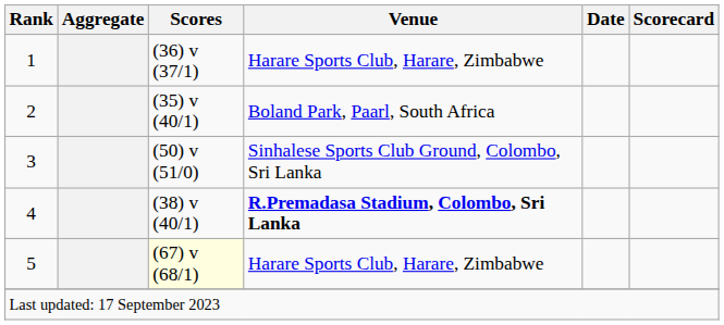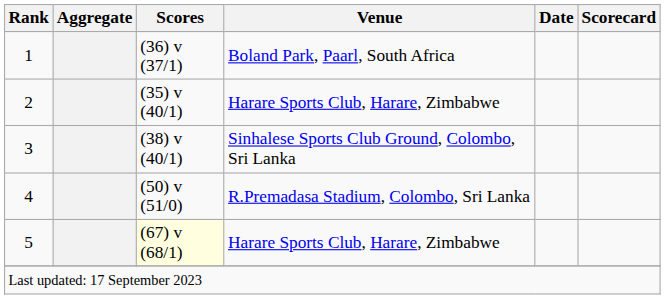 <table class="wikitable plainrowheaders sortable">
 <tr>
 <th scope=col>Rank</th>
 <th scope=col>Aggregate</th>
 <th scope=col>Scores</th>
 <th scope=col>Venue</th>
 <th scope=col>Date</th>
 <th scope=col>Scorecard</th>
 </tr>
 <tr>
 <td align=center>1</td>
 <th scope=row style=text-align:center;></th>
 <td> (36) v  (37/1)</td>
-<td><a href='#'>Harare Sports Club</a>, <a href='#'>Harare</a>, Zimbabwe</td>
+<td><a href='#'>Boland Park</a>, <a href='#'>Paarl</a>, South Africa</td>
 <td> </td>
 <td></td>
 </tr>
 <tr>
 <td align=center>2</td>
 <th scope=row style=text-align:center;></th>
 <td> (35) v  (40/1)</td>
-<td><a href='#'>Boland Park</a>, <a href='#'>Paarl</a>, South Africa</td>
+<td><a href='#'>Harare Sports Club</a>, <a href='#'>Harare</a>, Zimbabwe</td>
 <td></td>
 <td></td>
 </tr>
 <tr>
 <td align=center>3</td>
 <th scope=row style=text-align:center;></th>
-<td> (50) v  (51/0)</td>
+<td> (38) v  (40/1)</td>
 <td><a href='#'>Sinhalese Sports Club Ground</a>, <a href='#'>Colombo</a>, Sri Lanka</td>
 <td></td>
 <td></td>
 </tr>
 <tr>
 <td align=center>4</td>
 <th scope=row style=text-align:center;></th>
-<td> (38) v  (40/1)</td>
-<td><strong><a href='#'>R.Premadasa Stadium</a>, <a href='#'>Colombo</a>, Sri Lanka</strong></td>
+<td> (50) v  (51/0)</td>
+<td><a href='#'>R.Premadasa Stadium</a>, <a href='#'>Colombo</a>, Sri Lanka</td>
 <td></td>
 <td></td>
 </tr>
 <tr>
 <td align=center>5</td>
 <th scope=row style=text-align:center;></th>
 <td style="background: lightyellow;"> (67) v  (68/1)</td>
 <td><a href='#'>Harare Sports Club</a>, <a href='#'>Harare</a>, Zimbabwe</td>
 <td></td>
 <td></td>
 </tr>
 <tr>
 </tr>
 <tr class=sortbottom>
 <td colspan=6><small>Last updated: 17 September 2023</small></td>
 </tr>
 </table>
